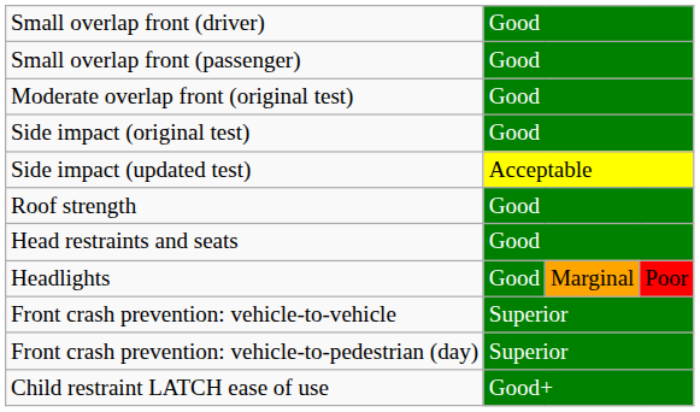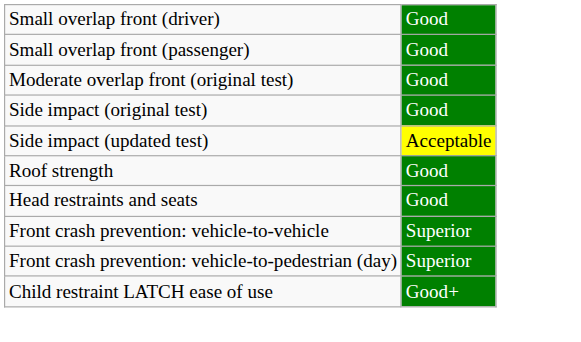 <table class="wikitable">
 <tr>
 <td>Small overlap front (driver)</td>
 <td colspan="3" style="color:white;background: green">Good</td>
 </tr>
 <tr>
 <td>Small overlap front (passenger)</td>
 <td colspan="3" style="color:white;background: green">Good</td>
 </tr>
 <tr>
 <td>Moderate overlap front (original test)</td>
 <td colspan="3" style="color:white;background: green">Good</td>
 </tr>
 <tr>
 <td>Side impact (original test)</td>
 <td colspan="3" style="color:white;background: green">Good</td>
 </tr>
 <tr>
 <td>Side impact (updated test)</td>
 <td colspan="3" style="color:black;background: yellow">Acceptable</td>
 </tr>
 <tr>
 <td>Roof strength</td>
 <td colspan="3" style="color:white;background: green">Good</td>
 </tr>
 <tr>
 <td>Head restraints and seats</td>
 <td colspan="3" style="color:white;background: green">Good</td>
 </tr>
 <tr>
-<td>Headlights</td>
-<td style="color:white;background:green">Good</td>
-<td style="color:black;background:orange">Marginal</td>
-<td style="color:black;background:red">Poor</td>
-</tr>
-<tr>
 <td>Front crash prevention: vehicle-to-vehicle</td>
 <td colspan="3" style="color:white;background: green">Superior</td>
 </tr>
 <tr>
 <td>Front crash prevention: vehicle-to-pedestrian (day)</td>
 <td colspan="3" style="color:white;background: green">Superior</td>
 </tr>
 <tr>
 <td>Child restraint LATCH ease of use</td>
 <td colspan="3" style="color:white;background: green">Good+</td>
 </tr>
 </table>
